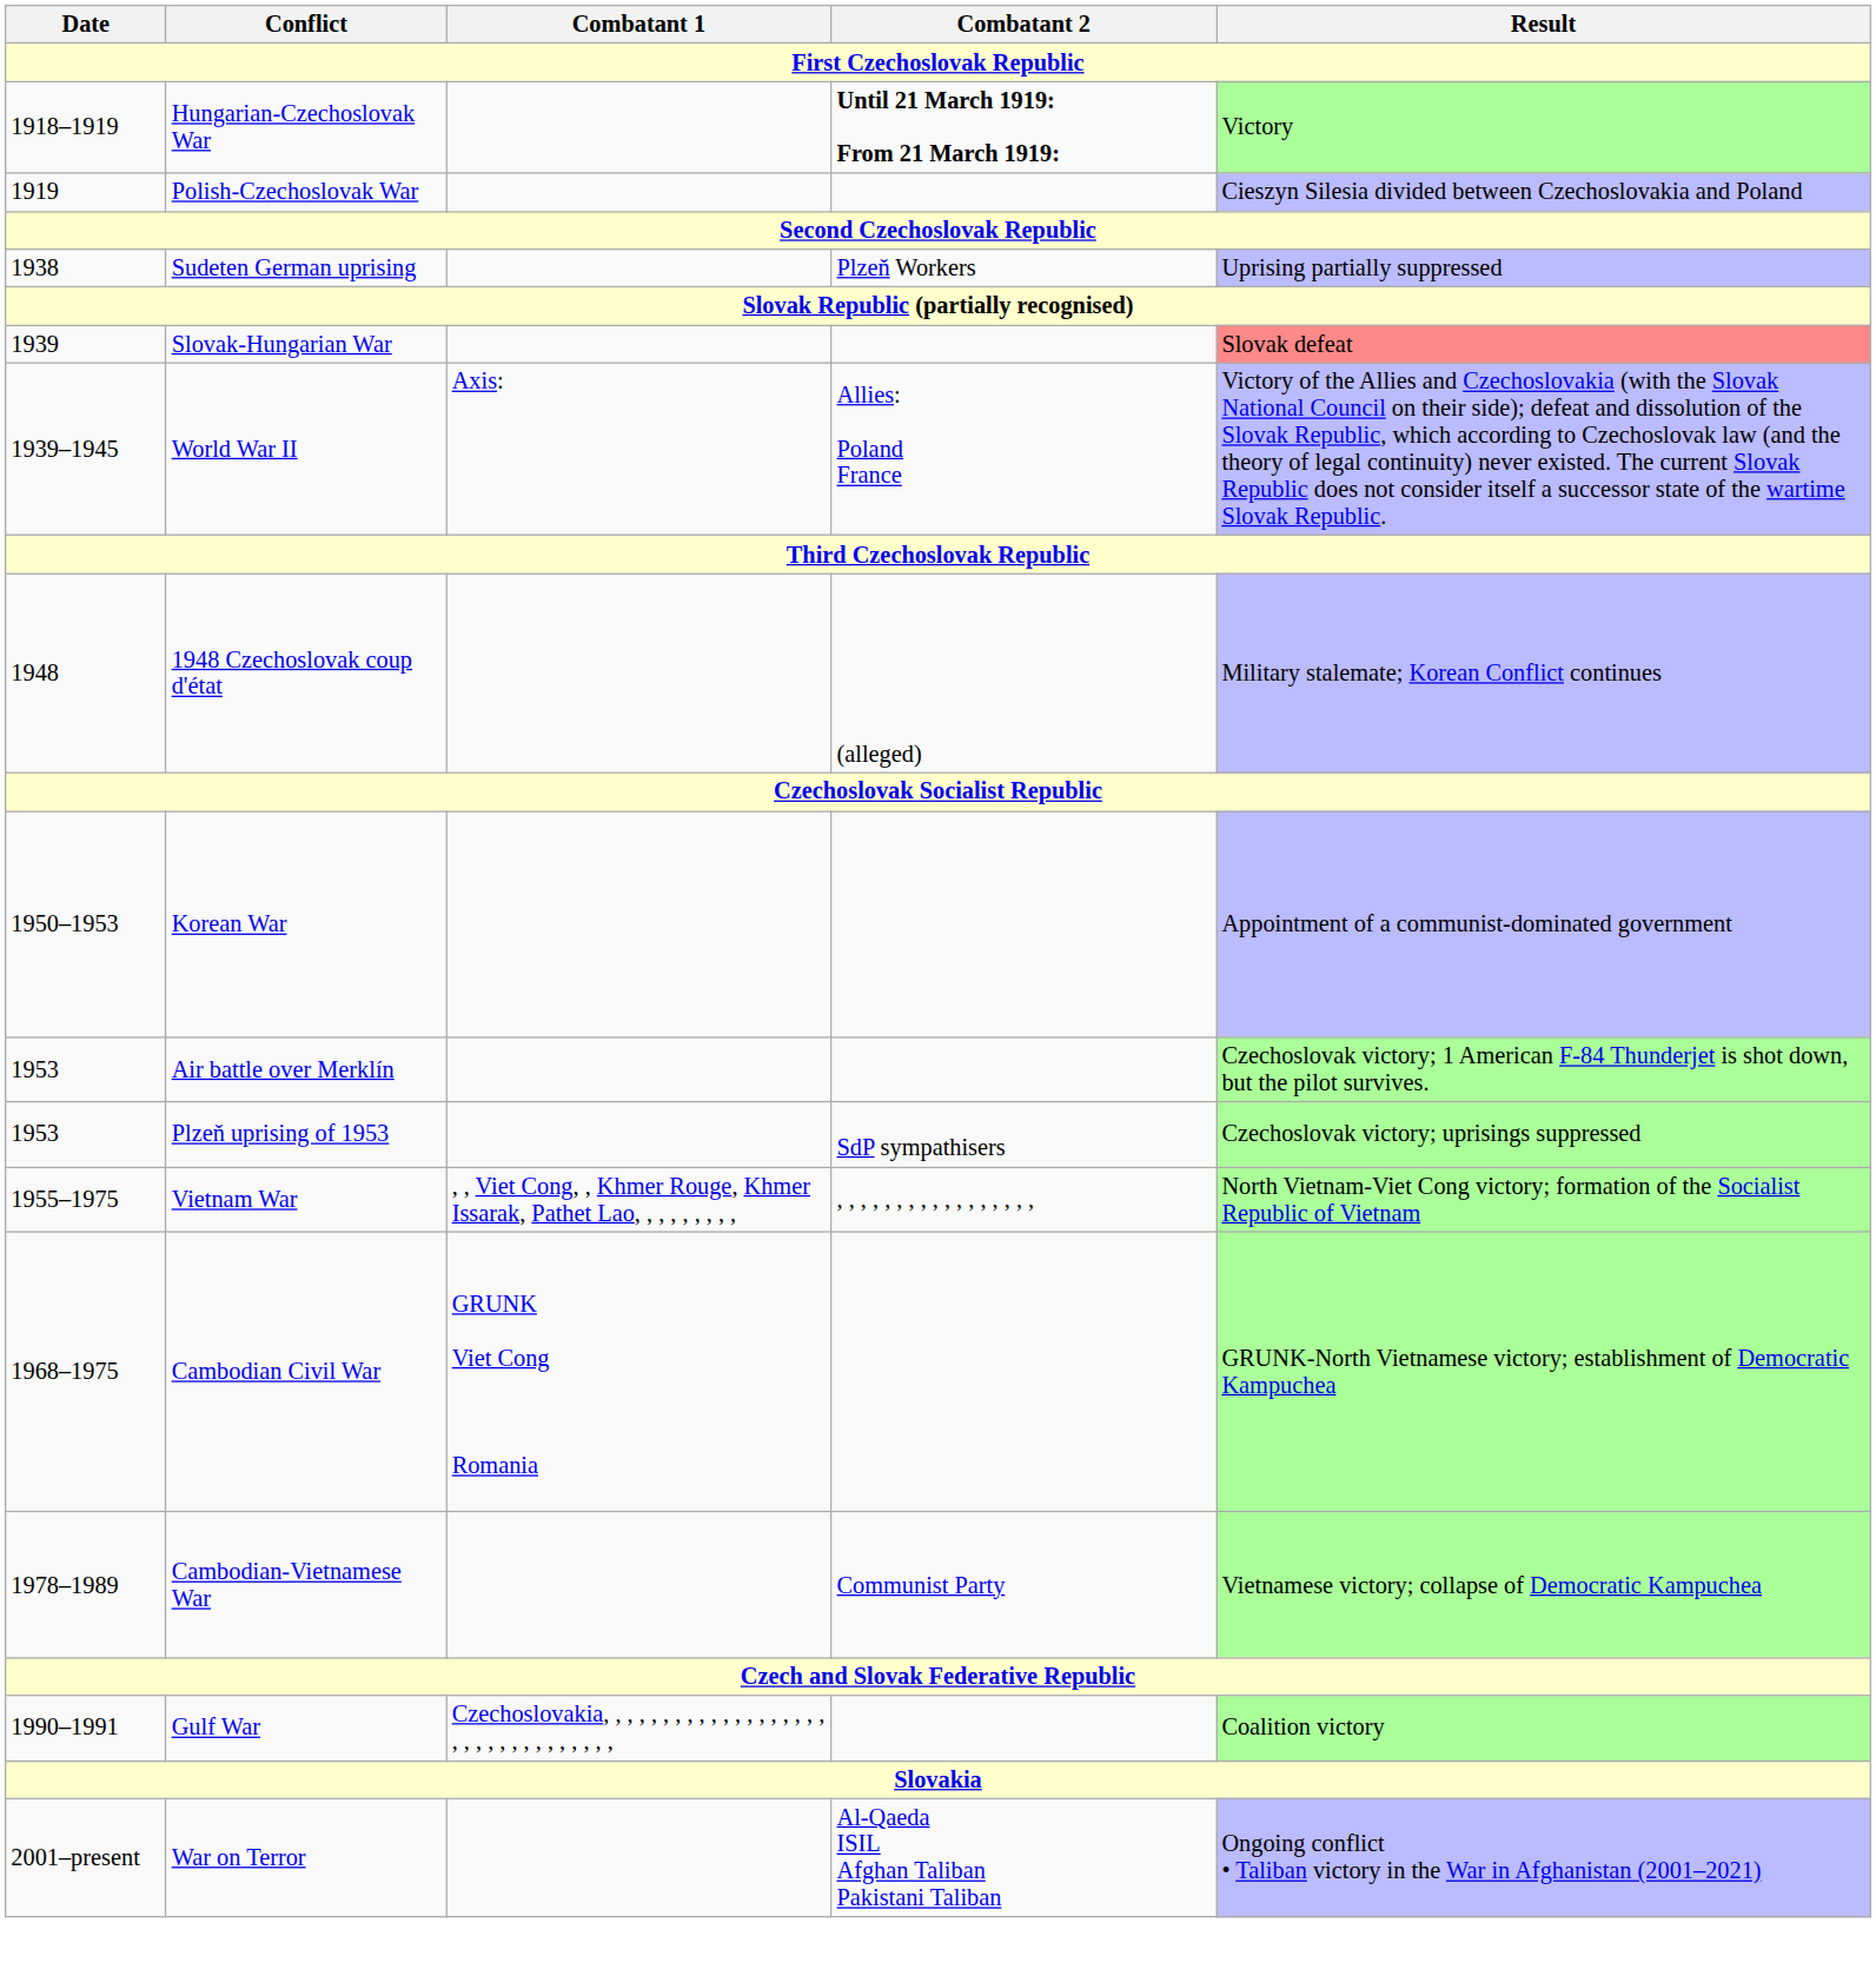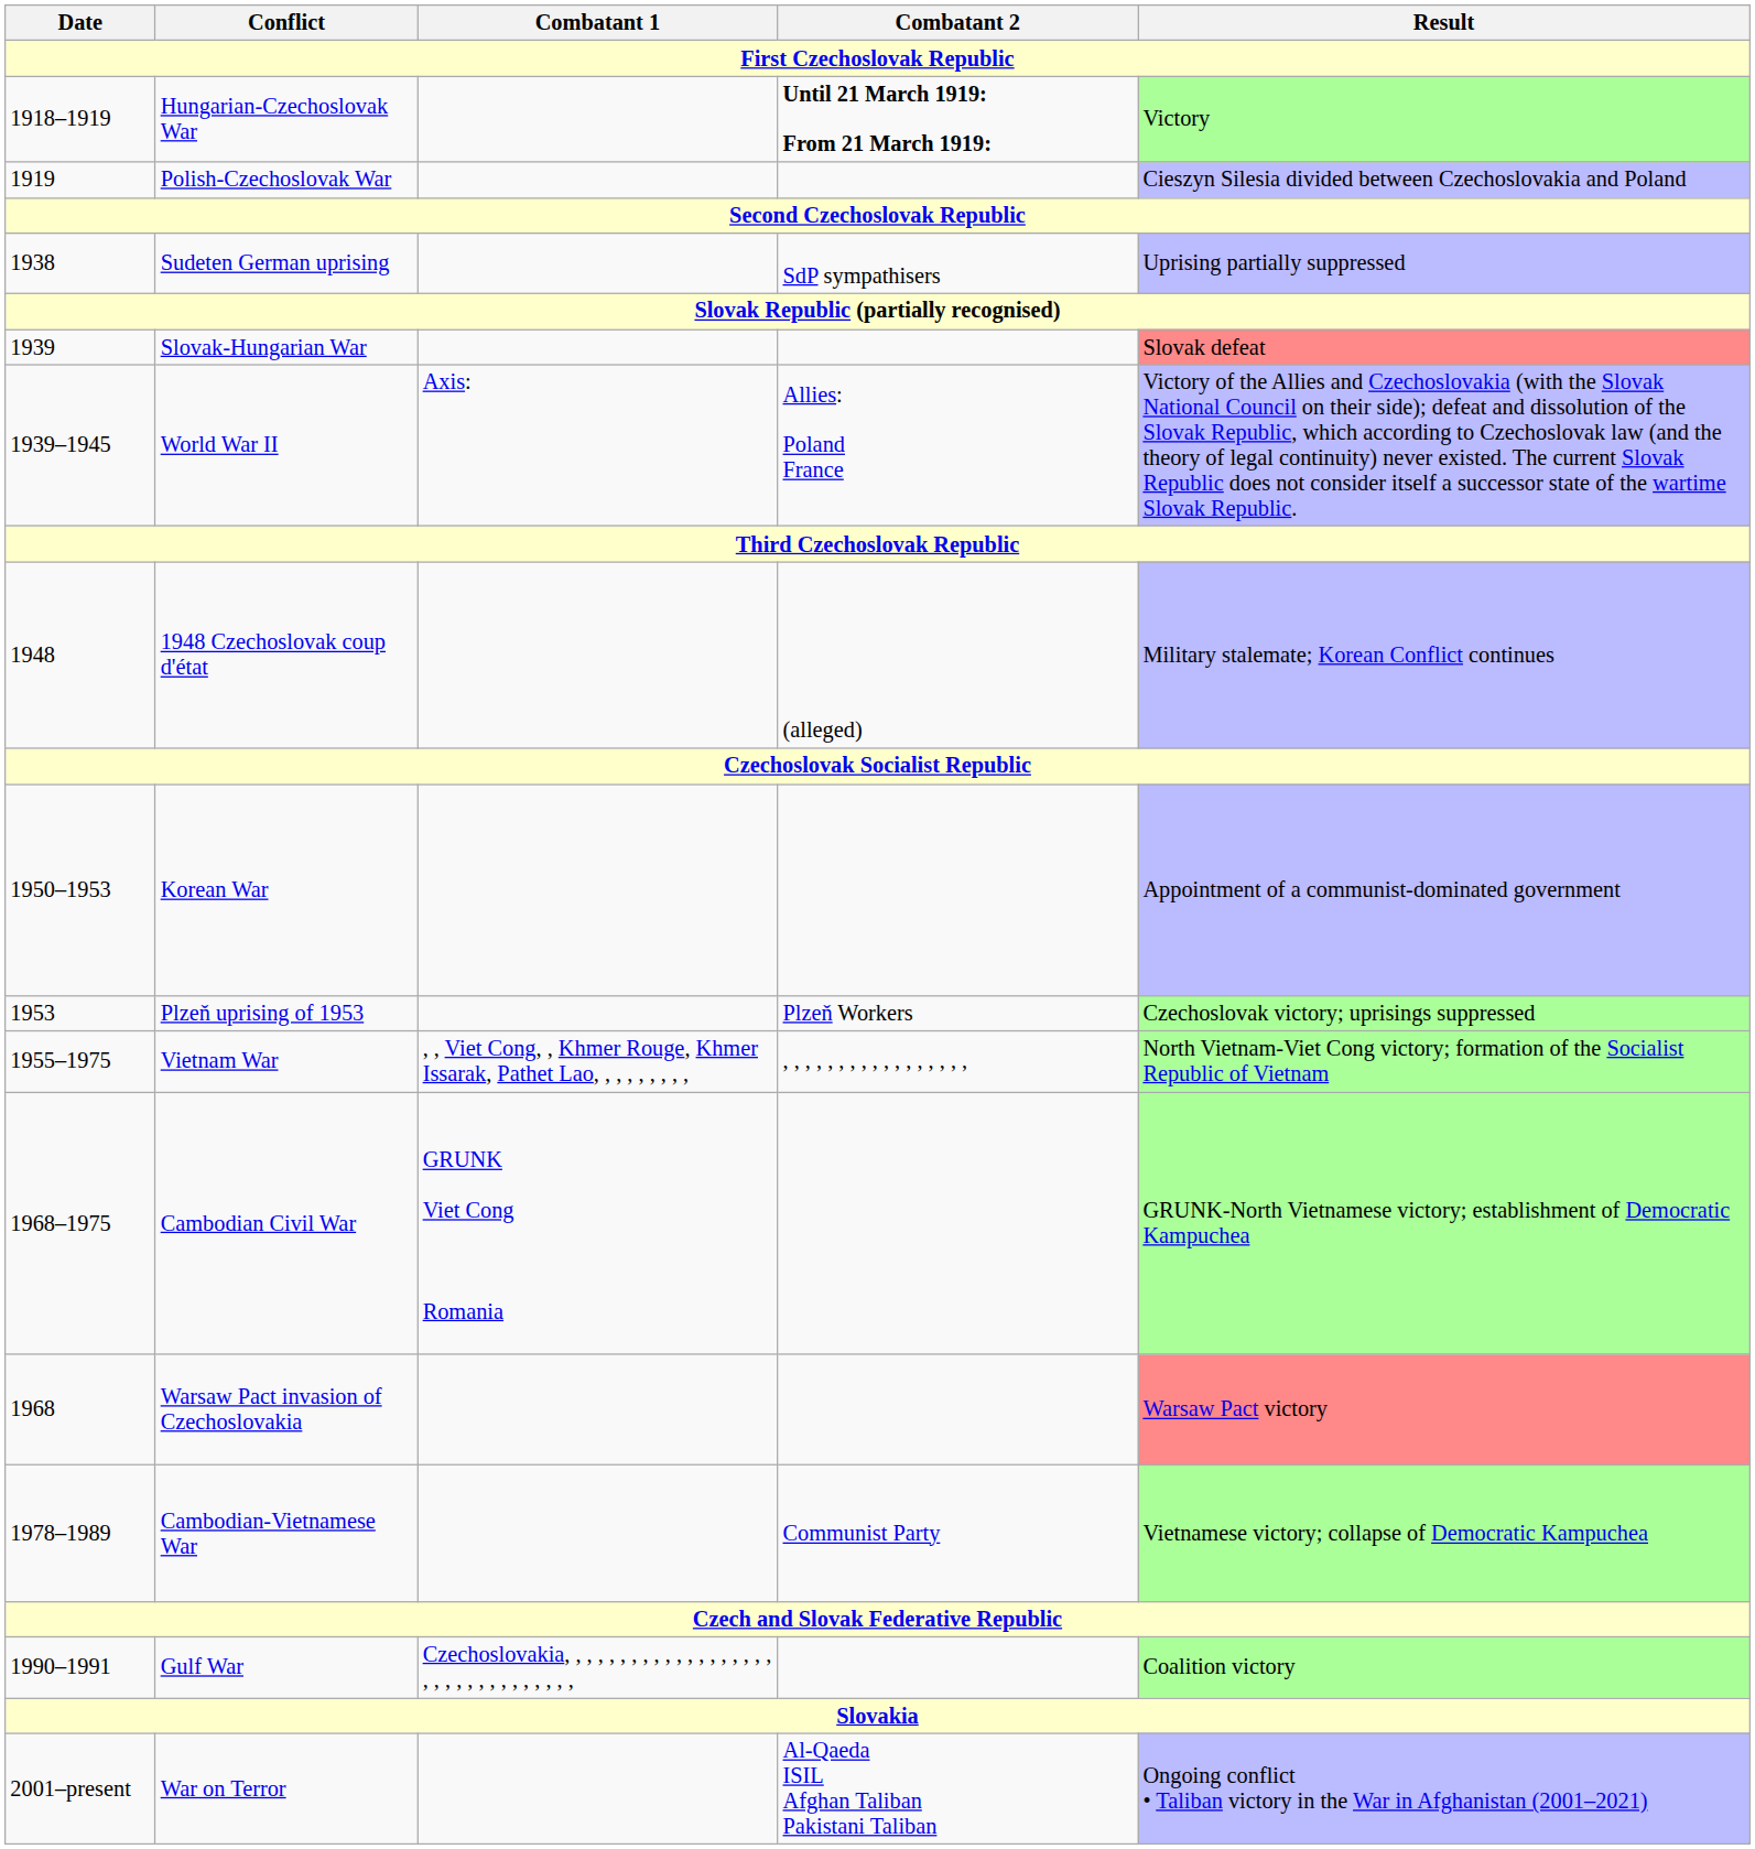 <table class="wikitable">
 <tr>
 <th width=100>Date</th>
 <th width=180>Conflict</th>
 <th width=250>Combatant 1</th>
 <th width=250>Combatant 2</th>
 <th>Result</th>
 </tr>
 <tr>
 <th colspan=5 style="background:#FFFFCC"><a href='#'>First Czechoslovak Republic</a></th>
 </tr>
 <tr>
 <td>1918–1919</td>
 <td><a href='#'>Hungarian-Czechoslovak War</a></td>
 <td></td>
 <td><strong>Until 21 March 1919:</strong><br><br><strong>From 21 March 1919:</strong><br></td>
 <td style="background:#AF9">Victory</td>
 </tr>
 <tr>
 <td>1919</td>
 <td><a href='#'>Polish-Czechoslovak War</a></td>
 <td></td>
 <td></td>
 <td style="background:#BBF">Cieszyn Silesia divided between Czechoslovakia and Poland</td>
 </tr>
 <tr>
 <th colspan=5 style="background:#FFFFCC"><a href='#'>Second Czechoslovak Republic</a></th>
 </tr>
 <tr>
 <td>1938</td>
 <td><a href='#'>Sudeten German uprising</a></td>
 <td></td>
-<td><a href='#'>Plzeň</a> Workers</td>
+<td><br><a href='#'>SdP</a> sympathisers<br></td>
 <td style="background:#BBF">Uprising partially suppressed</td>
 </tr>
 <tr>
 <th colspan=5 style="background:#FFFFCC"><a href='#'>Slovak Republic</a> (partially recognised)</th>
 </tr>
 <tr>
 <td>1939</td>
 <td><a href='#'>Slovak-Hungarian War</a></td>
 <td></td>
 <td></td>
 <td style="background:#F88">Slovak defeat</td>
 </tr>
 <tr>
 <td>1939–1945</td>
 <td><a href='#'>World War II</a></td>
 <td valign=top><a href='#'>Axis</a>:<br><br><br><br></td>
 <td><a href='#'>Allies</a>:<br><br> <a href='#'>Poland</a><br> <a href='#'>France</a><br><br></td>
 <td style="background:#BBF">Victory of the Allies and <a href='#'>Czechoslovakia</a> (with the <a href='#'>Slovak National Council</a> on their side); defeat and dissolution of the <a href='#'>Slovak Republic</a>, which according to Czechoslovak law (and the theory of legal continuity) never existed. The current <a href='#'>Slovak Republic</a> does not consider itself a successor state of the <a href='#'>wartime Slovak Republic</a>.</td>
 </tr>
 <tr>
 <th colspan=5 style="background:#FFFFCC"><a href='#'>Third Czechoslovak Republic</a></th>
 </tr>
 <tr>
 <td>1948</td>
 <td><a href='#'>1948 Czechoslovak coup d'état</a></td>
 <td></td>
 <td><br><br><br><br><br><br> (alleged)</td>
 <td style="background:#BBF">Military stalemate; <a href='#'>Korean Conflict</a> continues</td>
 </tr>
 <tr>
 <th colspan=5 style="background:#FFFFCC"><a href='#'>Czechoslovak Socialist Republic</a></th>
 </tr>
 <tr>
 <td>1950–1953</td>
 <td><a href='#'>Korean War</a></td>
 <td><br><br><br><br><br><br><br><br></td>
 <td><br><br></td>
 <td style="background:#BBF">Appointment of a communist-dominated government</td>
 </tr>
 <tr>
 <td>1953</td>
-<td><a href='#'>Air battle over Merklín</a></td>
-<td></td>
-<td></td>
-<td style="background:#AF9">Czechoslovak victory; 1 American <a href='#'>F-84 Thunderjet</a> is shot down, but the pilot survives.</td>
-</tr>
-<tr>
-<td>1953</td>
 <td><a href='#'>Plzeň uprising of 1953</a></td>
 <td></td>
-<td><br><a href='#'>SdP</a> sympathisers<br></td>
+<td><a href='#'>Plzeň</a> Workers</td>
 <td style="background:#AF9">Czechoslovak victory; uprisings suppressed</td>
 </tr>
 <tr>
 <td>1955–1975</td>
 <td><a href='#'>Vietnam War</a></td>
 <td>, ,  <a href='#'>Viet Cong</a>, , <a href='#'>Khmer Rouge</a>,  <a href='#'>Khmer Issarak</a>,  <a href='#'>Pathet Lao</a>, , , , , , , , , </td>
 <td>, , , , , , , , , , , , , , , , , </td>
 <td style="background:#AF9">North Vietnam-Viet Cong victory; formation of the <a href='#'>Socialist Republic of Vietnam</a></td>
 </tr>
 <tr>
 <td>1968–1975</td>
 <td><a href='#'>Cambodian Civil War</a></td>
 <td><br> <a href='#'>GRUNK</a><br><br> <a href='#'>Viet Cong</a><br><br><br><br> <a href='#'>Romania</a></td>
 <td><br><br><br><br><br><br><br><br><br><br></td>
 <td style="background:#AF9">GRUNK-North Vietnamese victory; establishment of <a href='#'>Democratic Kampuchea</a></td>
+</tr>
+<tr>
+<td>1968</td>
+<td><a href='#'>Warsaw Pact invasion of Czechoslovakia</a></td>
+<td></td>
+<td><br><br><br><br></td>
+<td style="background:#F88"><a href='#'>Warsaw Pact</a> victory</td>
 </tr>
 <tr>
 <td>1978–1989</td>
 <td><a href='#'>Cambodian-Vietnamese War</a></td>
 <td><br><br><br><br><br></td>
 <td> <a href='#'>Communist Party</a><br></td>
 <td style ="background:#AF9">Vietnamese victory; collapse of <a href='#'>Democratic Kampuchea</a></td>
 </tr>
 <tr>
 <th colspan=5 style="background:#FFFFCC"><a href='#'>Czech and Slovak Federative Republic</a></th>
 </tr>
 <tr>
 <td>1990–1991</td>
 <td><a href='#'>Gulf War</a></td>
 <td> <a href='#'>Czechoslovakia</a>, , , , , , , , , , , , , , , , , , , , , , , , , , , , , , , , , </td>
 <td></td>
 <td style="background:#AF9">Coalition victory</td>
 </tr>
 <tr>
 <th colspan=5 style="background:#FFFFCC"><a href='#'>Slovakia</a></th>
 </tr>
 <tr>
 <td>2001–present</td>
 <td><a href='#'>War on Terror</a></td>
 <td><br></td>
 <td> <a href='#'>Al-Qaeda</a><br> <a href='#'>ISIL</a><br> <a href='#'>Afghan Taliban</a><br> <a href='#'>Pakistani Taliban</a></td>
 <td style="background:#BBF">Ongoing conflict<br>• <a href='#'>Taliban</a> victory in the <a href='#'>War in Afghanistan (2001–2021)</a></td>
 </tr>
 </table>
